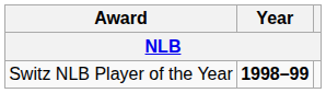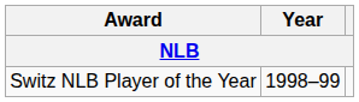 <table class="wikitable">
 <tr>
 <th>Award</th>
 <th>Year</th>
 <th></th>
 </tr>
 <tr>
 <th colspan="3"><a href='#'>NLB</a></th>
 </tr>
 <tr>
 <td>Switz NLB Player of the Year</td>
-<td><strong>1998–99</strong></td>
+<td>1998–99</td>
 <td></td>
 </tr>
 </table>
